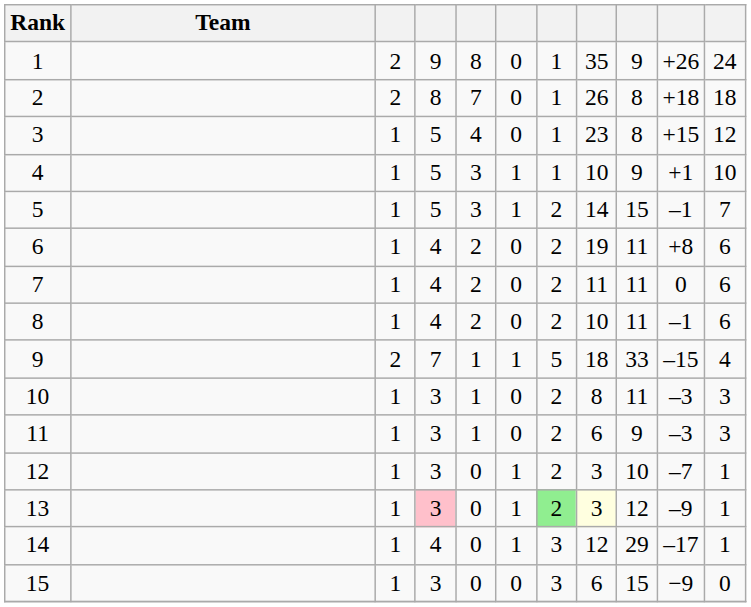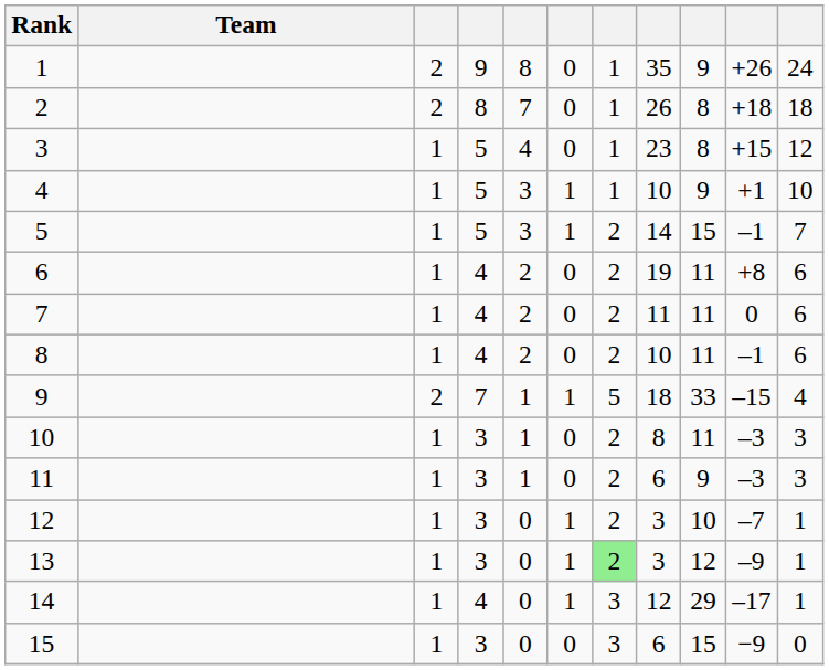 <table class="wikitable sortable" style="text-align:center">
 <tr>
 <th width=20>Rank</th>
 <th width=200>Team</th>
 <th width=20></th>
 <th width=20></th>
 <th width=20></th>
 <th width=20></th>
 <th width=20></th>
 <th width=20></th>
 <th width=20></th>
 <th width=20></th>
 <th width=20></th>
 </tr>
 <tr>
 <td>1</td>
 <td style="text-align:left;"></td>
 <td>2</td>
 <td>9</td>
 <td>8</td>
 <td>0</td>
 <td>1</td>
 <td>35</td>
 <td>9</td>
 <td>+26</td>
 <td>24</td>
 </tr>
 <tr>
 <td>2</td>
 <td style="text-align:left;"></td>
 <td>2</td>
 <td>8</td>
 <td>7</td>
 <td>0</td>
 <td>1</td>
 <td>26</td>
 <td>8</td>
 <td>+18</td>
 <td>18</td>
 </tr>
 <tr>
 <td>3</td>
 <td style="text-align:left;"></td>
 <td>1</td>
 <td>5</td>
 <td>4</td>
 <td>0</td>
 <td>1</td>
 <td>23</td>
 <td>8</td>
 <td>+15</td>
 <td>12</td>
 </tr>
 <tr>
 <td>4</td>
 <td style="text-align:left;"></td>
 <td>1</td>
 <td>5</td>
 <td>3</td>
 <td>1</td>
 <td>1</td>
 <td>10</td>
 <td>9</td>
 <td>+1</td>
 <td>10</td>
 </tr>
 <tr>
 <td>5</td>
 <td style="text-align:left;"></td>
 <td>1</td>
 <td>5</td>
 <td>3</td>
 <td>1</td>
 <td>2</td>
 <td>14</td>
 <td>15</td>
 <td>–1</td>
 <td>7</td>
 </tr>
 <tr>
 <td>6</td>
 <td style="text-align:left;"></td>
 <td>1</td>
 <td>4</td>
 <td>2</td>
 <td>0</td>
 <td>2</td>
 <td>19</td>
 <td>11</td>
 <td>+8</td>
 <td>6</td>
 </tr>
 <tr>
 <td>7</td>
 <td style="text-align:left;"></td>
 <td>1</td>
 <td>4</td>
 <td>2</td>
 <td>0</td>
 <td>2</td>
 <td>11</td>
 <td>11</td>
 <td>0</td>
 <td>6</td>
 </tr>
 <tr>
 <td>8</td>
 <td style="text-align:left;"></td>
 <td>1</td>
 <td>4</td>
 <td>2</td>
 <td>0</td>
 <td>2</td>
 <td>10</td>
 <td>11</td>
 <td>–1</td>
 <td>6</td>
 </tr>
 <tr>
 <td>9</td>
 <td style="text-align:left;"></td>
 <td>2</td>
 <td>7</td>
 <td>1</td>
 <td>1</td>
 <td>5</td>
 <td>18</td>
 <td>33</td>
 <td>–15</td>
 <td>4</td>
 </tr>
 <tr>
 <td>10</td>
 <td style="text-align:left;"></td>
 <td>1</td>
 <td>3</td>
 <td>1</td>
 <td>0</td>
 <td>2</td>
 <td>8</td>
 <td>11</td>
 <td>–3</td>
 <td>3</td>
 </tr>
 <tr>
 <td>11</td>
 <td style="text-align:left;"></td>
 <td>1</td>
 <td>3</td>
 <td>1</td>
 <td>0</td>
 <td>2</td>
 <td>6</td>
 <td>9</td>
 <td>–3</td>
 <td>3</td>
 </tr>
 <tr>
 <td>12</td>
 <td style="text-align:left;"></td>
 <td>1</td>
 <td>3</td>
 <td>0</td>
 <td>1</td>
 <td>2</td>
 <td>3</td>
 <td>10</td>
 <td>–7</td>
 <td>1</td>
 </tr>
 <tr>
 <td>13</td>
 <td style="text-align:left;"></td>
 <td>1</td>
-<td style="background: pink;">3</td>
+<td>3</td>
 <td>0</td>
 <td>1</td>
 <td style="background: lightgreen;">2</td>
-<td style="background: lightyellow;">3</td>
+<td>3</td>
 <td>12</td>
 <td>–9</td>
 <td>1</td>
 </tr>
 <tr>
 <td>14</td>
 <td style="text-align:left;"></td>
 <td>1</td>
 <td>4</td>
 <td>0</td>
 <td>1</td>
 <td>3</td>
 <td>12</td>
 <td>29</td>
 <td>–17</td>
 <td>1</td>
 </tr>
 <tr>
 <td>15</td>
 <td style="text-align:left;"></td>
 <td>1</td>
 <td>3</td>
 <td>0</td>
 <td>0</td>
 <td>3</td>
 <td>6</td>
 <td>15</td>
 <td>−9</td>
 <td>0</td>
 </tr>
 <tr>
 </tr>
 </table>
